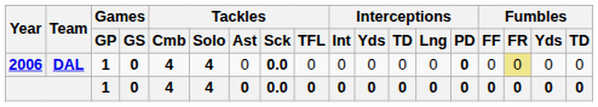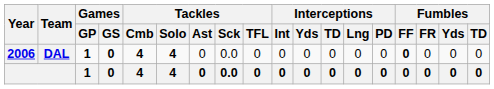 <table class="wikitable" style="text-align:center">
 <tr>
 <th rowspan="2">Year</th>
 <th rowspan="2">Team</th>
 <th colspan="2">Games</th>
 <th colspan="5">Tackles</th>
 <th colspan="5">Interceptions</th>
 <th colspan="4">Fumbles</th>
 </tr>
 <tr>
 <th>GP</th>
 <th>GS</th>
 <th>Cmb</th>
 <th>Solo</th>
 <th>Ast</th>
 <th>Sck</th>
 <th>TFL</th>
 <th>Int</th>
 <th>Yds</th>
 <th>TD</th>
 <th>Lng</th>
 <th>PD</th>
 <th>FF</th>
 <th>FR</th>
 <th>Yds</th>
 <th>TD</th>
 </tr>
 <tr>
 <th><a href='#'>2006</a></th>
 <th><a href='#'>DAL</a></th>
 <td><strong>1</strong></td>
 <td><strong>0</strong></td>
 <td><strong>4</strong></td>
 <td><strong>4</strong></td>
 <td>0</td>
-<td><strong>0.0</strong></td>
+<td>0.0</td>
+<td>0</td>
 <td>0</td>
 <td>0</td>
 <td>0</td>
 <td>0</td>
 <td>0</td>
 <td><strong>0</strong></td>
 <td>0</td>
-<td style="background: khaki;">0</td>
 <td>0</td>
 <td>0</td>
 </tr>
 <tr>
 <th colspan="2"></th>
 <th>1</th>
 <th>0</th>
 <th>4</th>
 <th>4</th>
 <th>0</th>
 <th>0.0</th>
 <th>0</th>
 <th>0</th>
 <th>0</th>
 <th>0</th>
 <th>0</th>
 <th>0</th>
 <th>0</th>
 <th>0</th>
 <th>0</th>
 <th>0</th>
 </tr>
 </table>
